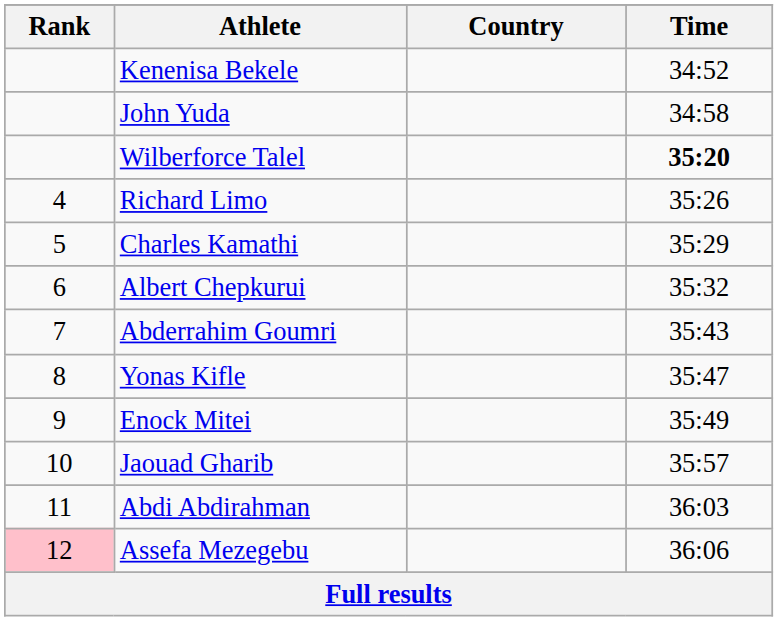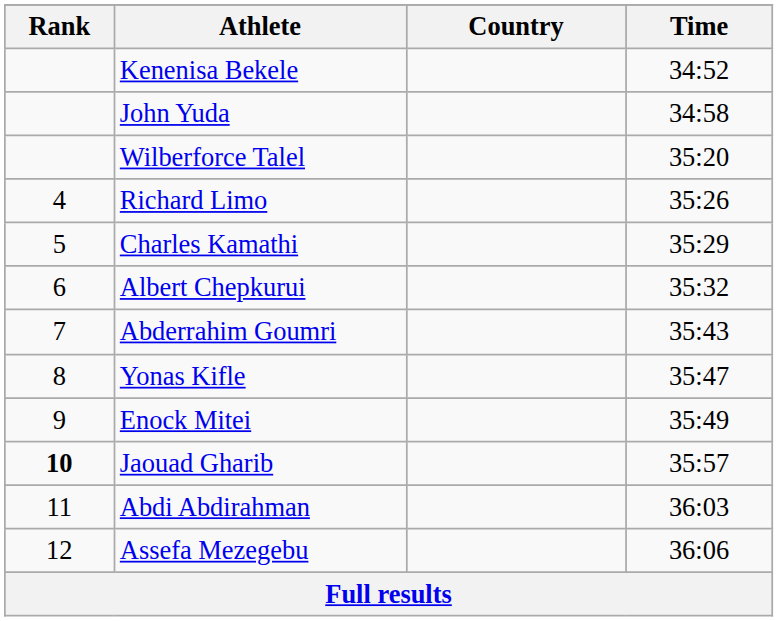 <table class="wikitable sortable" style=" text-align:center; font-size:95%;" width="50%">
 <tr>
 </tr>
 <tr>
 <th width=5%>Rank</th>
 <th width=20%>Athlete</th>
 <th width=15%>Country</th>
 <th width=10%>Time</th>
 </tr>
 <tr>
 <td align=center></td>
 <td align=left><a href='#'>Kenenisa Bekele</a></td>
 <td align=left></td>
 <td>34:52</td>
 </tr>
 <tr>
 <td align=center></td>
 <td align=left><a href='#'>John Yuda</a></td>
 <td align=left></td>
 <td>34:58</td>
 </tr>
 <tr>
 <td align=center></td>
 <td align=left><a href='#'>Wilberforce Talel</a></td>
 <td align=left></td>
-<td><strong>35:20</strong></td>
+<td>35:20</td>
 </tr>
 <tr>
 <td align=center>4</td>
 <td align=left><a href='#'>Richard Limo</a></td>
 <td align=left></td>
 <td>35:26</td>
 </tr>
 <tr>
 <td align=center>5</td>
 <td align=left><a href='#'>Charles Kamathi</a></td>
 <td align=left></td>
 <td>35:29</td>
 </tr>
 <tr>
 <td align=center>6</td>
 <td align=left><a href='#'>Albert Chepkurui</a></td>
 <td align=left></td>
 <td>35:32</td>
 </tr>
 <tr>
 <td align=center>7</td>
 <td align=left><a href='#'>Abderrahim Goumri</a></td>
 <td align=left></td>
 <td>35:43</td>
 </tr>
 <tr>
 <td align=center>8</td>
 <td align=left><a href='#'>Yonas Kifle</a></td>
 <td align=left></td>
 <td>35:47</td>
 </tr>
 <tr>
 <td align=center>9</td>
 <td align=left><a href='#'>Enock Mitei</a></td>
 <td align=left></td>
 <td>35:49</td>
 </tr>
 <tr>
-<td align=center>10</td>
+<td align=center><strong>10</strong></td>
 <td align=left><a href='#'>Jaouad Gharib</a></td>
 <td align=left></td>
 <td>35:57</td>
 </tr>
 <tr>
 <td align=center>11</td>
 <td align=left><a href='#'>Abdi Abdirahman</a></td>
 <td align=left></td>
 <td>36:03</td>
 </tr>
 <tr>
-<td align=center style="background: pink;">12</td>
+<td align=center>12</td>
 <td align=left><a href='#'>Assefa Mezegebu</a></td>
 <td align=left></td>
 <td>36:06</td>
 </tr>
 <tr class="sortbottom">
 <th colspan=4 align=center><a href='#'>Full results</a></th>
 </tr>
 </table>
